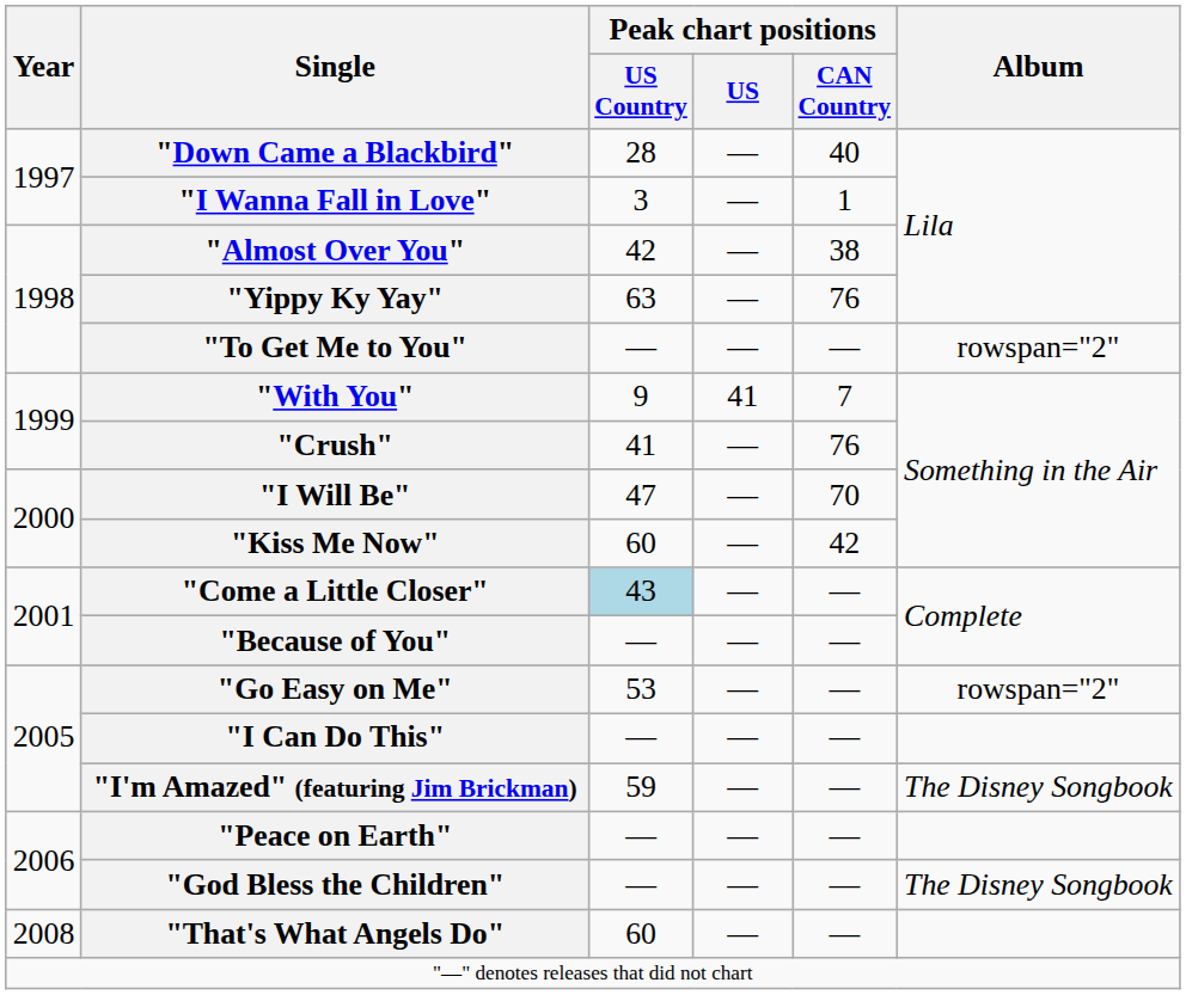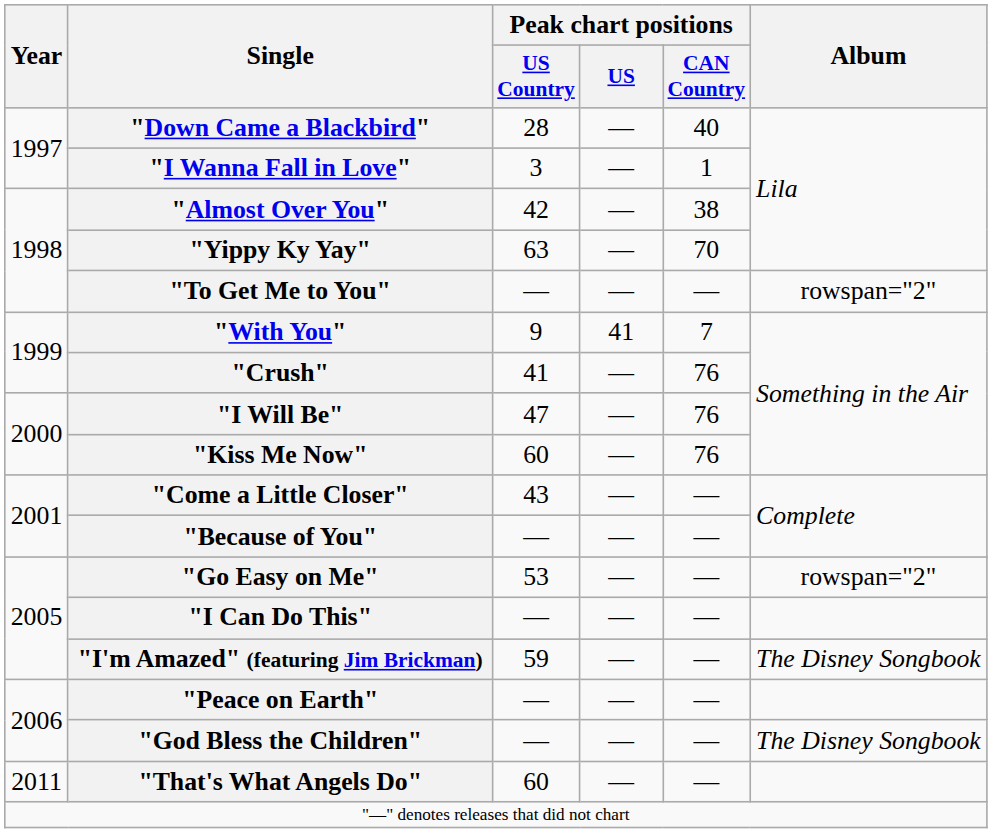 <table class="wikitable plainrowheaders" style="text-align:center;">
 <tr>
 <th rowspan="2">Year</th>
 <th rowspan="2" style="width:16em;">Single</th>
 <th colspan="3">Peak chart positions</th>
 <th rowspan="2">Album</th>
 </tr>
 <tr style="font-size:smaller;">
 <th width="45"><a href='#'>US Country</a><br></th>
 <th width="45"><a href='#'>US</a><br></th>
 <th width="45"><a href='#'>CAN Country</a><br></th>
 </tr>
 <tr>
 <td rowspan="2">1997</td>
 <th scope="row">"<a href='#'>Down Came a Blackbird</a>"</th>
 <td>28</td>
 <td>—</td>
 <td>40</td>
 <td align="left" rowspan="4"><em>Lila</em></td>
 </tr>
 <tr>
 <th scope="row">"<a href='#'>I Wanna Fall in Love</a>"</th>
 <td>3</td>
 <td>—</td>
 <td>1</td>
 </tr>
 <tr>
 <td rowspan="3">1998</td>
 <th scope="row">"<a href='#'>Almost Over You</a>"</th>
 <td>42</td>
 <td>—</td>
 <td>38</td>
 </tr>
 <tr>
 <th scope="row">"Yippy Ky Yay"</th>
 <td>63</td>
 <td>—</td>
-<td>76</td>
+<td>70</td>
 </tr>
 <tr>
 <th scope="row">"To Get Me to You"</th>
 <td>—</td>
 <td>—</td>
 <td>—</td>
 <td>rowspan="2" </td>
 </tr>
 <tr>
 <td rowspan="2">1999</td>
 <th scope="row">"<a href='#'>With You</a>"</th>
 <td>9</td>
 <td>41</td>
 <td>7</td>
 <td align="left" rowspan="4"><em>Something in the Air</em></td>
 </tr>
 <tr>
 <th scope="row">"Crush"</th>
 <td>41</td>
 <td>—</td>
 <td>76</td>
 </tr>
 <tr>
 <td rowspan="2">2000</td>
 <th scope="row">"I Will Be"</th>
 <td>47</td>
 <td>—</td>
-<td>70</td>
+<td>76</td>
 </tr>
 <tr>
 <th scope="row">"Kiss Me Now"</th>
 <td>60</td>
 <td>—</td>
-<td>42</td>
+<td>76</td>
 </tr>
 <tr>
 <td rowspan="2">2001</td>
 <th scope="row">"Come a Little Closer"</th>
-<td style="background: lightblue;">43</td>
+<td>43</td>
 <td>—</td>
 <td>—</td>
 <td align="left" rowspan="2"><em>Complete</em></td>
 </tr>
 <tr>
 <th scope="row">"Because of You"</th>
 <td>—</td>
 <td>—</td>
 <td>—</td>
 </tr>
 <tr>
 <td rowspan="3">2005</td>
 <th scope="row">"Go Easy on Me"</th>
 <td>53</td>
 <td>—</td>
 <td>—</td>
 <td>rowspan="2" </td>
 </tr>
 <tr>
 <th scope="row">"I Can Do This"</th>
 <td>—</td>
 <td>—</td>
 <td>—</td>
 </tr>
 <tr>
 <th scope="row">"I'm Amazed" <small>(featuring <a href='#'>Jim Brickman</a>)</small></th>
 <td>59</td>
 <td>—</td>
 <td>—</td>
 <td align="left"><em>The Disney Songbook</em></td>
 </tr>
 <tr>
 <td rowspan=2>2006</td>
 <th scope="row">"Peace on Earth"</th>
 <td>—</td>
 <td>—</td>
 <td>—</td>
 <td></td>
 </tr>
 <tr>
 <th scope="row">"God Bless the Children" </th>
 <td>—</td>
 <td>—</td>
 <td>—</td>
 <td align="left"><em>The Disney Songbook</em></td>
 </tr>
 <tr>
-<td>2008</td>
+<td>2011</td>
 <th scope="row">"That's What Angels Do"</th>
 <td>60</td>
 <td>—</td>
 <td>—</td>
 <td></td>
 </tr>
 <tr>
 <td colspan="6" style="font-size:8pt">"—" denotes releases that did not chart</td>
 </tr>
 </table>
